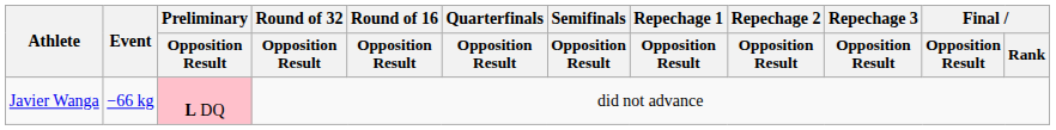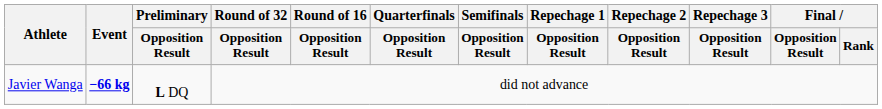 <table class="wikitable" style="font-size:90%">
 <tr>
 <th rowspan="2">Athlete</th>
 <th rowspan="2">Event</th>
 <th>Preliminary</th>
 <th>Round of 32</th>
 <th>Round of 16</th>
 <th>Quarterfinals</th>
 <th>Semifinals</th>
 <th>Repechage 1</th>
 <th>Repechage 2</th>
 <th>Repechage 3</th>
 <th colspan=2>Final / </th>
 </tr>
 <tr style="font-size:95%">
 <th>Opposition<br>Result</th>
 <th>Opposition<br>Result</th>
 <th>Opposition<br>Result</th>
 <th>Opposition<br>Result</th>
 <th>Opposition<br>Result</th>
 <th>Opposition<br>Result</th>
 <th>Opposition<br>Result</th>
 <th>Opposition<br>Result</th>
 <th>Opposition<br>Result</th>
 <th>Rank</th>
 </tr>
 <tr align=center>
 <td align=left><a href='#'>Javier Wanga</a></td>
-<td align=left><a href='#'>−66 kg</a></td>
-<td style="background: pink;"><br><strong>L</strong> DQ</td>
+<td align=left><strong><a href='#'>−66 kg</a></strong></td>
+<td><br><strong>L</strong> DQ</td>
 <td colspan=9>did not advance</td>
 </tr>
 </table>
